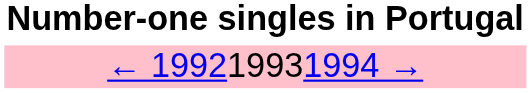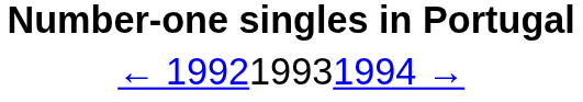 <table class="toc" id="toc" summary="Contents">
 <tr>
 <th>Number-one singles in Portugal</th>
 </tr>
 <tr>
-<td align="center" style="background: pink;"><a href='#'>← 1992</a>1993<a href='#'>1994 →</a></td>
+<td align="center"><a href='#'>← 1992</a>1993<a href='#'>1994 →</a></td>
 </tr>
 </table>
